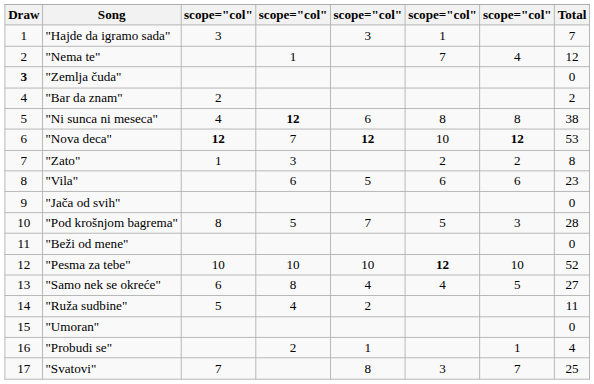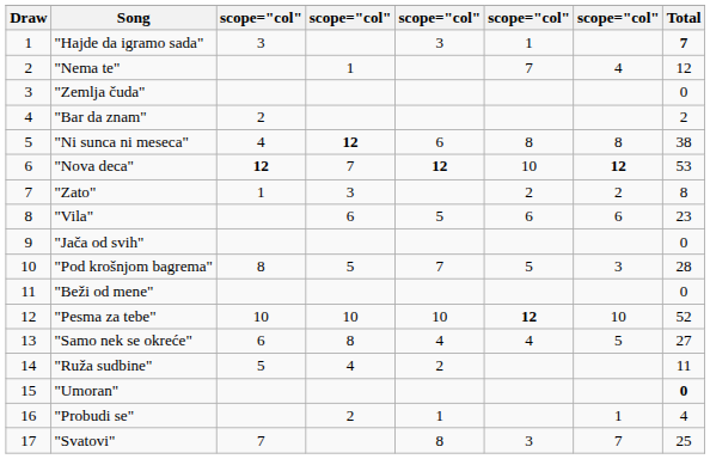 <table class="wikitable collapsible" style="margin: 1em auto 1em auto; text-align:center;">
 <tr>
 </tr>
 <tr>
 <th>Draw</th>
 <th>Song</th>
 <th>scope="col" </th>
 <th>scope="col" </th>
 <th>scope="col" </th>
 <th>scope="col" </th>
 <th>scope="col" </th>
 <th>Total</th>
 </tr>
 <tr>
 <td>1</td>
 <td align="left">"Hajde da igramo sada"</td>
 <td>3</td>
 <td></td>
 <td>3</td>
 <td>1</td>
 <td></td>
-<td>7</td>
+<td><strong>7</strong></td>
 </tr>
 <tr>
 <td>2</td>
 <td align="left">"Nema te"</td>
 <td></td>
 <td>1</td>
 <td></td>
 <td>7</td>
 <td>4</td>
 <td>12</td>
 </tr>
 <tr>
-<td><strong>3</strong></td>
+<td>3</td>
 <td align="left">"Zemlja čuda"</td>
 <td></td>
 <td></td>
 <td></td>
 <td></td>
 <td></td>
 <td>0</td>
 </tr>
 <tr>
 <td>4</td>
 <td align="left">"Bar da znam"</td>
 <td>2</td>
 <td></td>
 <td></td>
 <td></td>
 <td></td>
 <td>2</td>
 </tr>
 <tr>
 <td>5</td>
 <td align="left">"Ni sunca ni meseca"</td>
 <td>4</td>
 <td><strong>12</strong></td>
 <td>6</td>
 <td>8</td>
 <td>8</td>
 <td>38</td>
 </tr>
 <tr>
 <td>6</td>
 <td align="left">"Nova deca"</td>
 <td><strong>12</strong></td>
 <td>7</td>
 <td><strong>12</strong></td>
 <td>10</td>
 <td><strong>12</strong></td>
 <td>53</td>
 </tr>
 <tr>
 <td>7</td>
 <td align="left">"Zato"</td>
 <td>1</td>
 <td>3</td>
 <td></td>
 <td>2</td>
 <td>2</td>
 <td>8</td>
 </tr>
 <tr>
 <td>8</td>
 <td align="left">"Vila"</td>
 <td></td>
 <td>6</td>
 <td>5</td>
 <td>6</td>
 <td>6</td>
 <td>23</td>
 </tr>
 <tr>
 <td>9</td>
 <td align="left">"Jača od svih"</td>
 <td></td>
 <td></td>
 <td></td>
 <td></td>
 <td></td>
 <td>0</td>
 </tr>
 <tr>
 <td>10</td>
 <td align="left">"Pod krošnjom bagrema"</td>
 <td>8</td>
 <td>5</td>
 <td>7</td>
 <td>5</td>
 <td>3</td>
 <td>28</td>
 </tr>
 <tr>
 <td>11</td>
 <td align="left">"Beži od mene"</td>
 <td></td>
 <td></td>
 <td></td>
 <td></td>
 <td></td>
 <td>0</td>
 </tr>
 <tr>
 <td>12</td>
 <td align="left">"Pesma za tebe"</td>
 <td>10</td>
 <td>10</td>
 <td>10</td>
 <td><strong>12</strong></td>
 <td>10</td>
 <td>52</td>
 </tr>
 <tr>
 <td>13</td>
 <td align="left">"Samo nek se okreće"</td>
 <td>6</td>
 <td>8</td>
 <td>4</td>
 <td>4</td>
 <td>5</td>
 <td>27</td>
 </tr>
 <tr>
 <td>14</td>
 <td align="left">"Ruža sudbine"</td>
 <td>5</td>
 <td>4</td>
 <td>2</td>
 <td></td>
 <td></td>
 <td>11</td>
 </tr>
 <tr>
 <td>15</td>
 <td align="left">"Umoran"</td>
 <td></td>
 <td></td>
 <td></td>
 <td></td>
 <td></td>
-<td>0</td>
+<td><strong>0</strong></td>
 </tr>
 <tr>
 <td>16</td>
 <td align="left">"Probudi se"</td>
 <td></td>
 <td>2</td>
 <td>1</td>
 <td></td>
 <td>1</td>
 <td>4</td>
 </tr>
 <tr>
 <td>17</td>
 <td align="left">"Svatovi"</td>
 <td>7</td>
 <td></td>
 <td>8</td>
 <td>3</td>
 <td>7</td>
 <td>25</td>
 </tr>
 </table>
